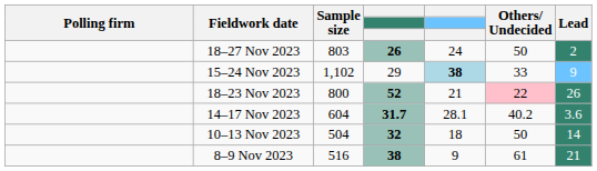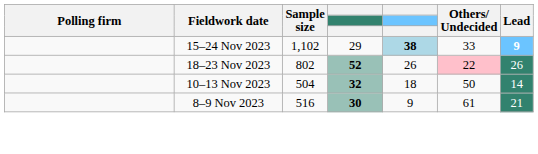 <table class="wikitable collapsible" style="text-align:center; font-size:95%; line-height:16px;">
 <tr>
 <th rowspan="3" style="width:200px;">Polling firm</th>
 <th rowspan="3" style="width:125px;">Fieldwork date</th>
 <th rowspan="3" style="width:40px;">Sample size</th>
 <th class="unsortable" style="width:60px;"></th>
 <th class="unsortable" style="width:60px;"></th>
 <th rowspan="3" style="width:60px;">Others/<br>Undecided</th>
 <th rowspan="3" style="width:30px;">Lead</th>
 </tr>
 <tr>
 <th style="color:inherit;background:#32826e;"></th>
 <th style="color:inherit;background:#6BC4FF;"></th>
 </tr>
 <tr>
 <th></th>
 <th></th>
 </tr>
 <tr>
 <td></td>
-<td>18–27 Nov 2023</td>
-<td>803</td>
-<td style="background:#99c1b7;"><strong>26</strong></td>
-<td>24</td>
-<td>50</td>
-<td style="background:#32826e; color:white;">2</td>
-</tr>
-<tr>
-<td></td>
 <td>15–24 Nov 2023</td>
 <td>1,102</td>
 <td>29</td>
 <td style="background:lightblue;"><strong>38</strong></td>
 <td>33</td>
-<td style="background:#6BC4FF; color:white;">9</td>
+<td style="background:#6BC4FF; color:white;"><strong>9</strong></td>
 </tr>
 <tr>
 <td></td>
 <td>18–23 Nov 2023</td>
-<td>800</td>
+<td>802</td>
 <td style="background:#99c1b7;"><strong>52</strong></td>
-<td>21</td>
+<td>26</td>
 <td style="background: pink;">22</td>
 <td style="background:#32826e; color:white;">26</td>
-</tr>
-<tr>
-<td></td>
-<td>14–17 Nov 2023</td>
-<td>604</td>
-<td style="background:#99c1b7;"><strong>31.7</strong></td>
-<td>28.1</td>
-<td>40.2</td>
-<td style="background:#32826e; color:white;">3.6</td>
 </tr>
 <tr>
 <td></td>
 <td>10–13 Nov 2023</td>
 <td>504</td>
 <td style="background:#99c1b7;"><strong>32</strong></td>
 <td>18</td>
 <td>50</td>
 <td style="background:#32826e; color:white;">14</td>
 </tr>
 <tr>
 <td></td>
 <td>8–9 Nov 2023</td>
 <td>516</td>
-<td style="background:#99c1b7;"><strong>38</strong></td>
+<td style="background:#99c1b7;"><strong>30</strong></td>
 <td>9</td>
 <td>61</td>
 <td style="background:#32826e; color:white;">21</td>
 </tr>
 </table>
